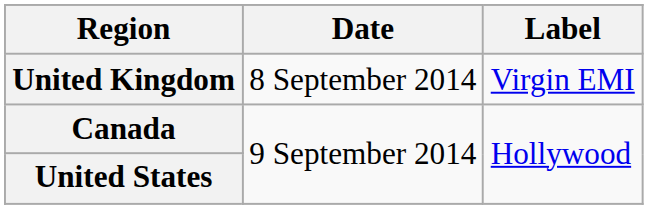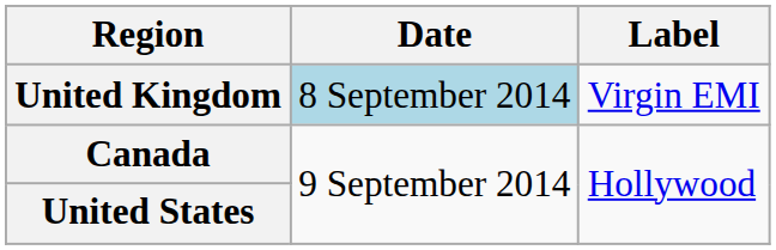 <table class="wikitable plainrowheaders">
 <tr>
 <th scope="col">Region</th>
 <th scope="col">Date</th>
 <th scope="col">Label</th>
 </tr>
 <tr>
 <th scope="row">United Kingdom</th>
-<td>8 September 2014</td>
+<td style="background: lightblue;">8 September 2014</td>
 <td><a href='#'>Virgin EMI</a></td>
 </tr>
 <tr>
 <th scope="row">Canada</th>
 <td rowspan="2">9 September 2014</td>
 <td rowspan="2"><a href='#'>Hollywood</a></td>
 </tr>
 <tr>
 <th scope="row">United States</th>
 </tr>
 </table>
